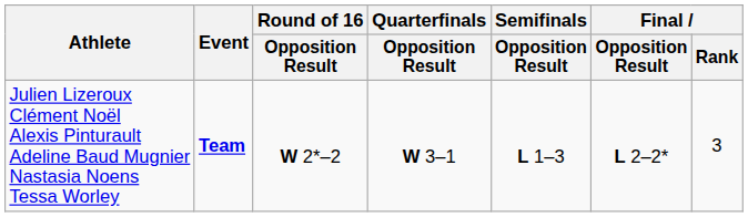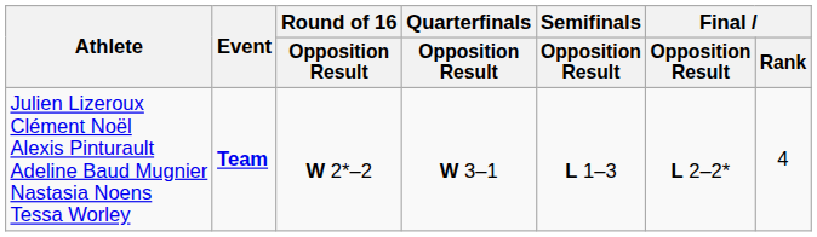 <table class="wikitable" style="font-size:90%">
 <tr>
 <th rowspan="2">Athlete</th>
 <th rowspan="2">Event</th>
 <th>Round of 16</th>
 <th>Quarterfinals</th>
 <th>Semifinals</th>
 <th colspan=2>Final / </th>
 </tr>
 <tr style="font-size:95%">
 <th>Opposition<br>Result</th>
 <th>Opposition<br>Result</th>
 <th>Opposition<br>Result</th>
 <th>Opposition<br>Result</th>
 <th>Rank</th>
 </tr>
 <tr align=center>
 <td align="left"><a href='#'>Julien Lizeroux</a><br><a href='#'>Clément Noël</a><br><a href='#'>Alexis Pinturault</a><br><a href='#'>Adeline Baud Mugnier</a><br><a href='#'>Nastasia Noens</a><br><a href='#'>Tessa Worley</a></td>
 <td align="left"><strong><a href='#'>Team</a></strong></td>
 <td><br><strong>W</strong> 2*–2</td>
 <td><br><strong>W</strong> 3–1</td>
 <td><br><strong>L</strong> 1–3</td>
 <td><br><strong>L</strong> 2–2*</td>
-<td>3</td>
+<td>4</td>
 </tr>
 </table>
